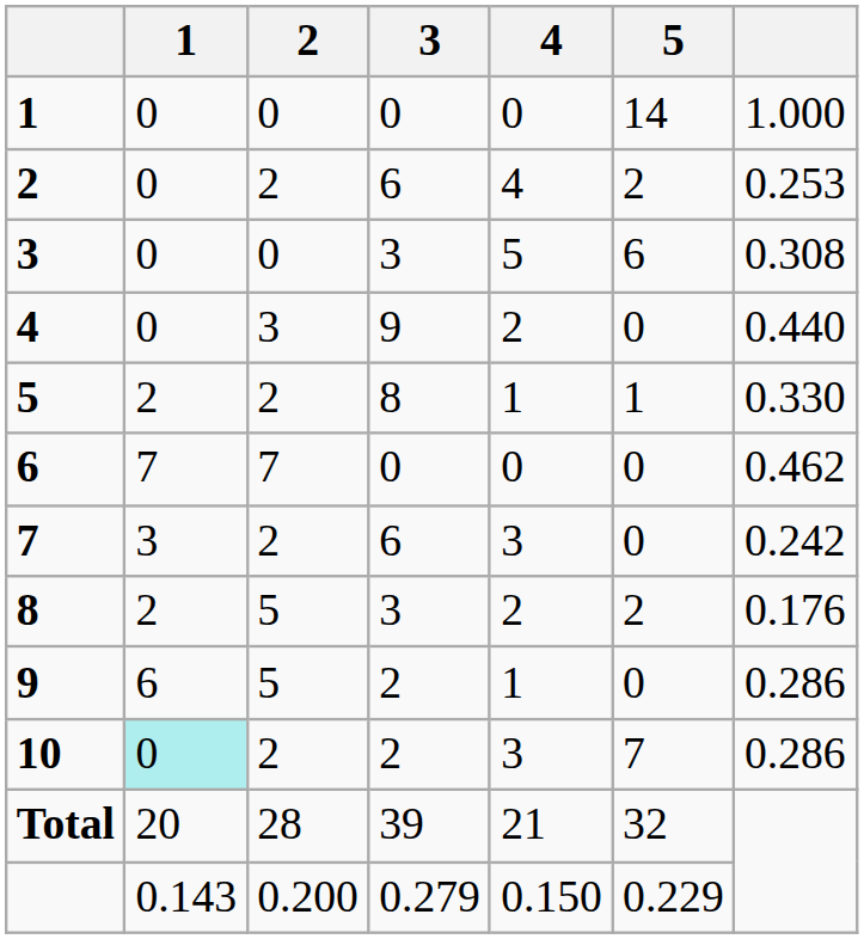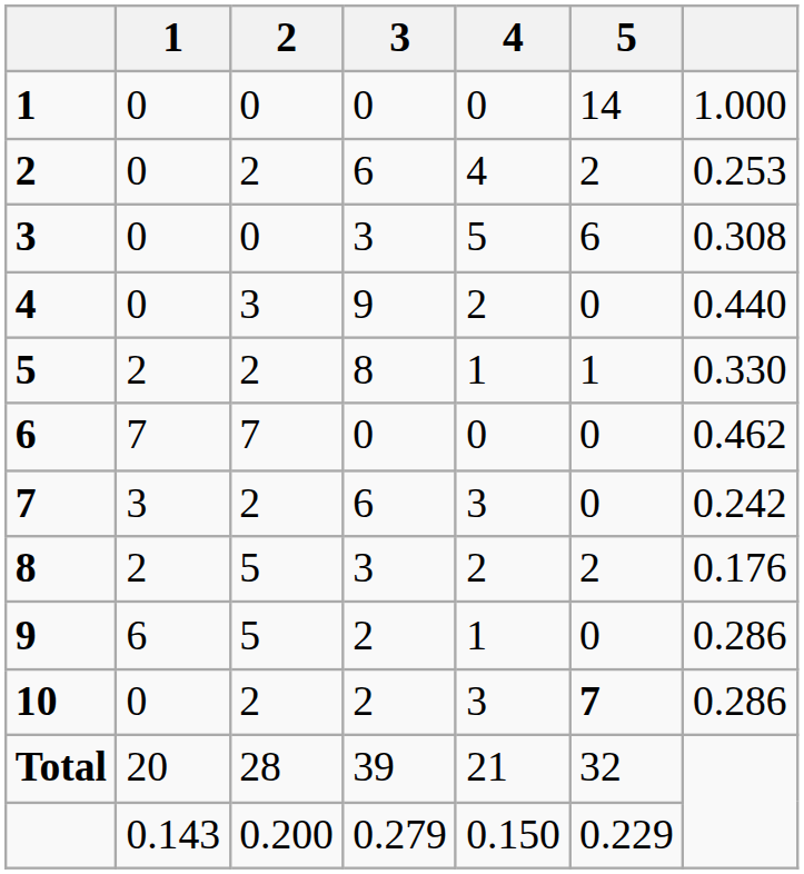 <table class="wikitable">
 <tr>
 <th></th>
 <th>1</th>
 <th>2</th>
 <th>3</th>
 <th>4</th>
 <th>5</th>
 <th></th>
 </tr>
 <tr>
 <td><strong>1</strong></td>
 <td>0</td>
 <td>0</td>
 <td>0</td>
 <td>0</td>
 <td>14</td>
 <td>1.000</td>
 </tr>
 <tr>
 <td><strong>2</strong></td>
 <td>0</td>
 <td>2</td>
 <td>6</td>
 <td>4</td>
 <td>2</td>
 <td>0.253</td>
 </tr>
 <tr>
 <td><strong>3</strong></td>
 <td>0</td>
 <td>0</td>
 <td>3</td>
 <td>5</td>
 <td>6</td>
 <td>0.308</td>
 </tr>
 <tr>
 <td><strong>4</strong></td>
 <td>0</td>
 <td>3</td>
 <td>9</td>
 <td>2</td>
 <td>0</td>
 <td>0.440</td>
 </tr>
 <tr>
 <td><strong>5</strong></td>
 <td>2</td>
 <td>2</td>
 <td>8</td>
 <td>1</td>
 <td>1</td>
 <td>0.330</td>
 </tr>
 <tr>
 <td><strong>6</strong></td>
 <td>7</td>
 <td>7</td>
 <td>0</td>
 <td>0</td>
 <td>0</td>
 <td>0.462</td>
 </tr>
 <tr>
 <td><strong>7</strong></td>
 <td>3</td>
 <td>2</td>
 <td>6</td>
 <td>3</td>
 <td>0</td>
 <td>0.242</td>
 </tr>
 <tr>
 <td><strong>8</strong></td>
 <td>2</td>
 <td>5</td>
 <td>3</td>
 <td>2</td>
 <td>2</td>
 <td>0.176</td>
 </tr>
 <tr>
 <td><strong>9</strong></td>
 <td>6</td>
 <td>5</td>
 <td>2</td>
 <td>1</td>
 <td>0</td>
 <td>0.286</td>
 </tr>
 <tr>
 <td><strong>10</strong></td>
-<td style="background: paleturquoise;">0</td>
+<td>0</td>
 <td>2</td>
 <td>2</td>
 <td>3</td>
-<td>7</td>
+<td><strong>7</strong></td>
 <td>0.286</td>
 </tr>
 <tr>
 <td><strong>Total</strong></td>
 <td>20</td>
 <td>28</td>
 <td>39</td>
 <td>21</td>
 <td>32</td>
 </tr>
 <tr>
 <td><strong></strong></td>
 <td>0.143</td>
 <td>0.200</td>
 <td>0.279</td>
 <td>0.150</td>
 <td>0.229</td>
 </tr>
 </table>
